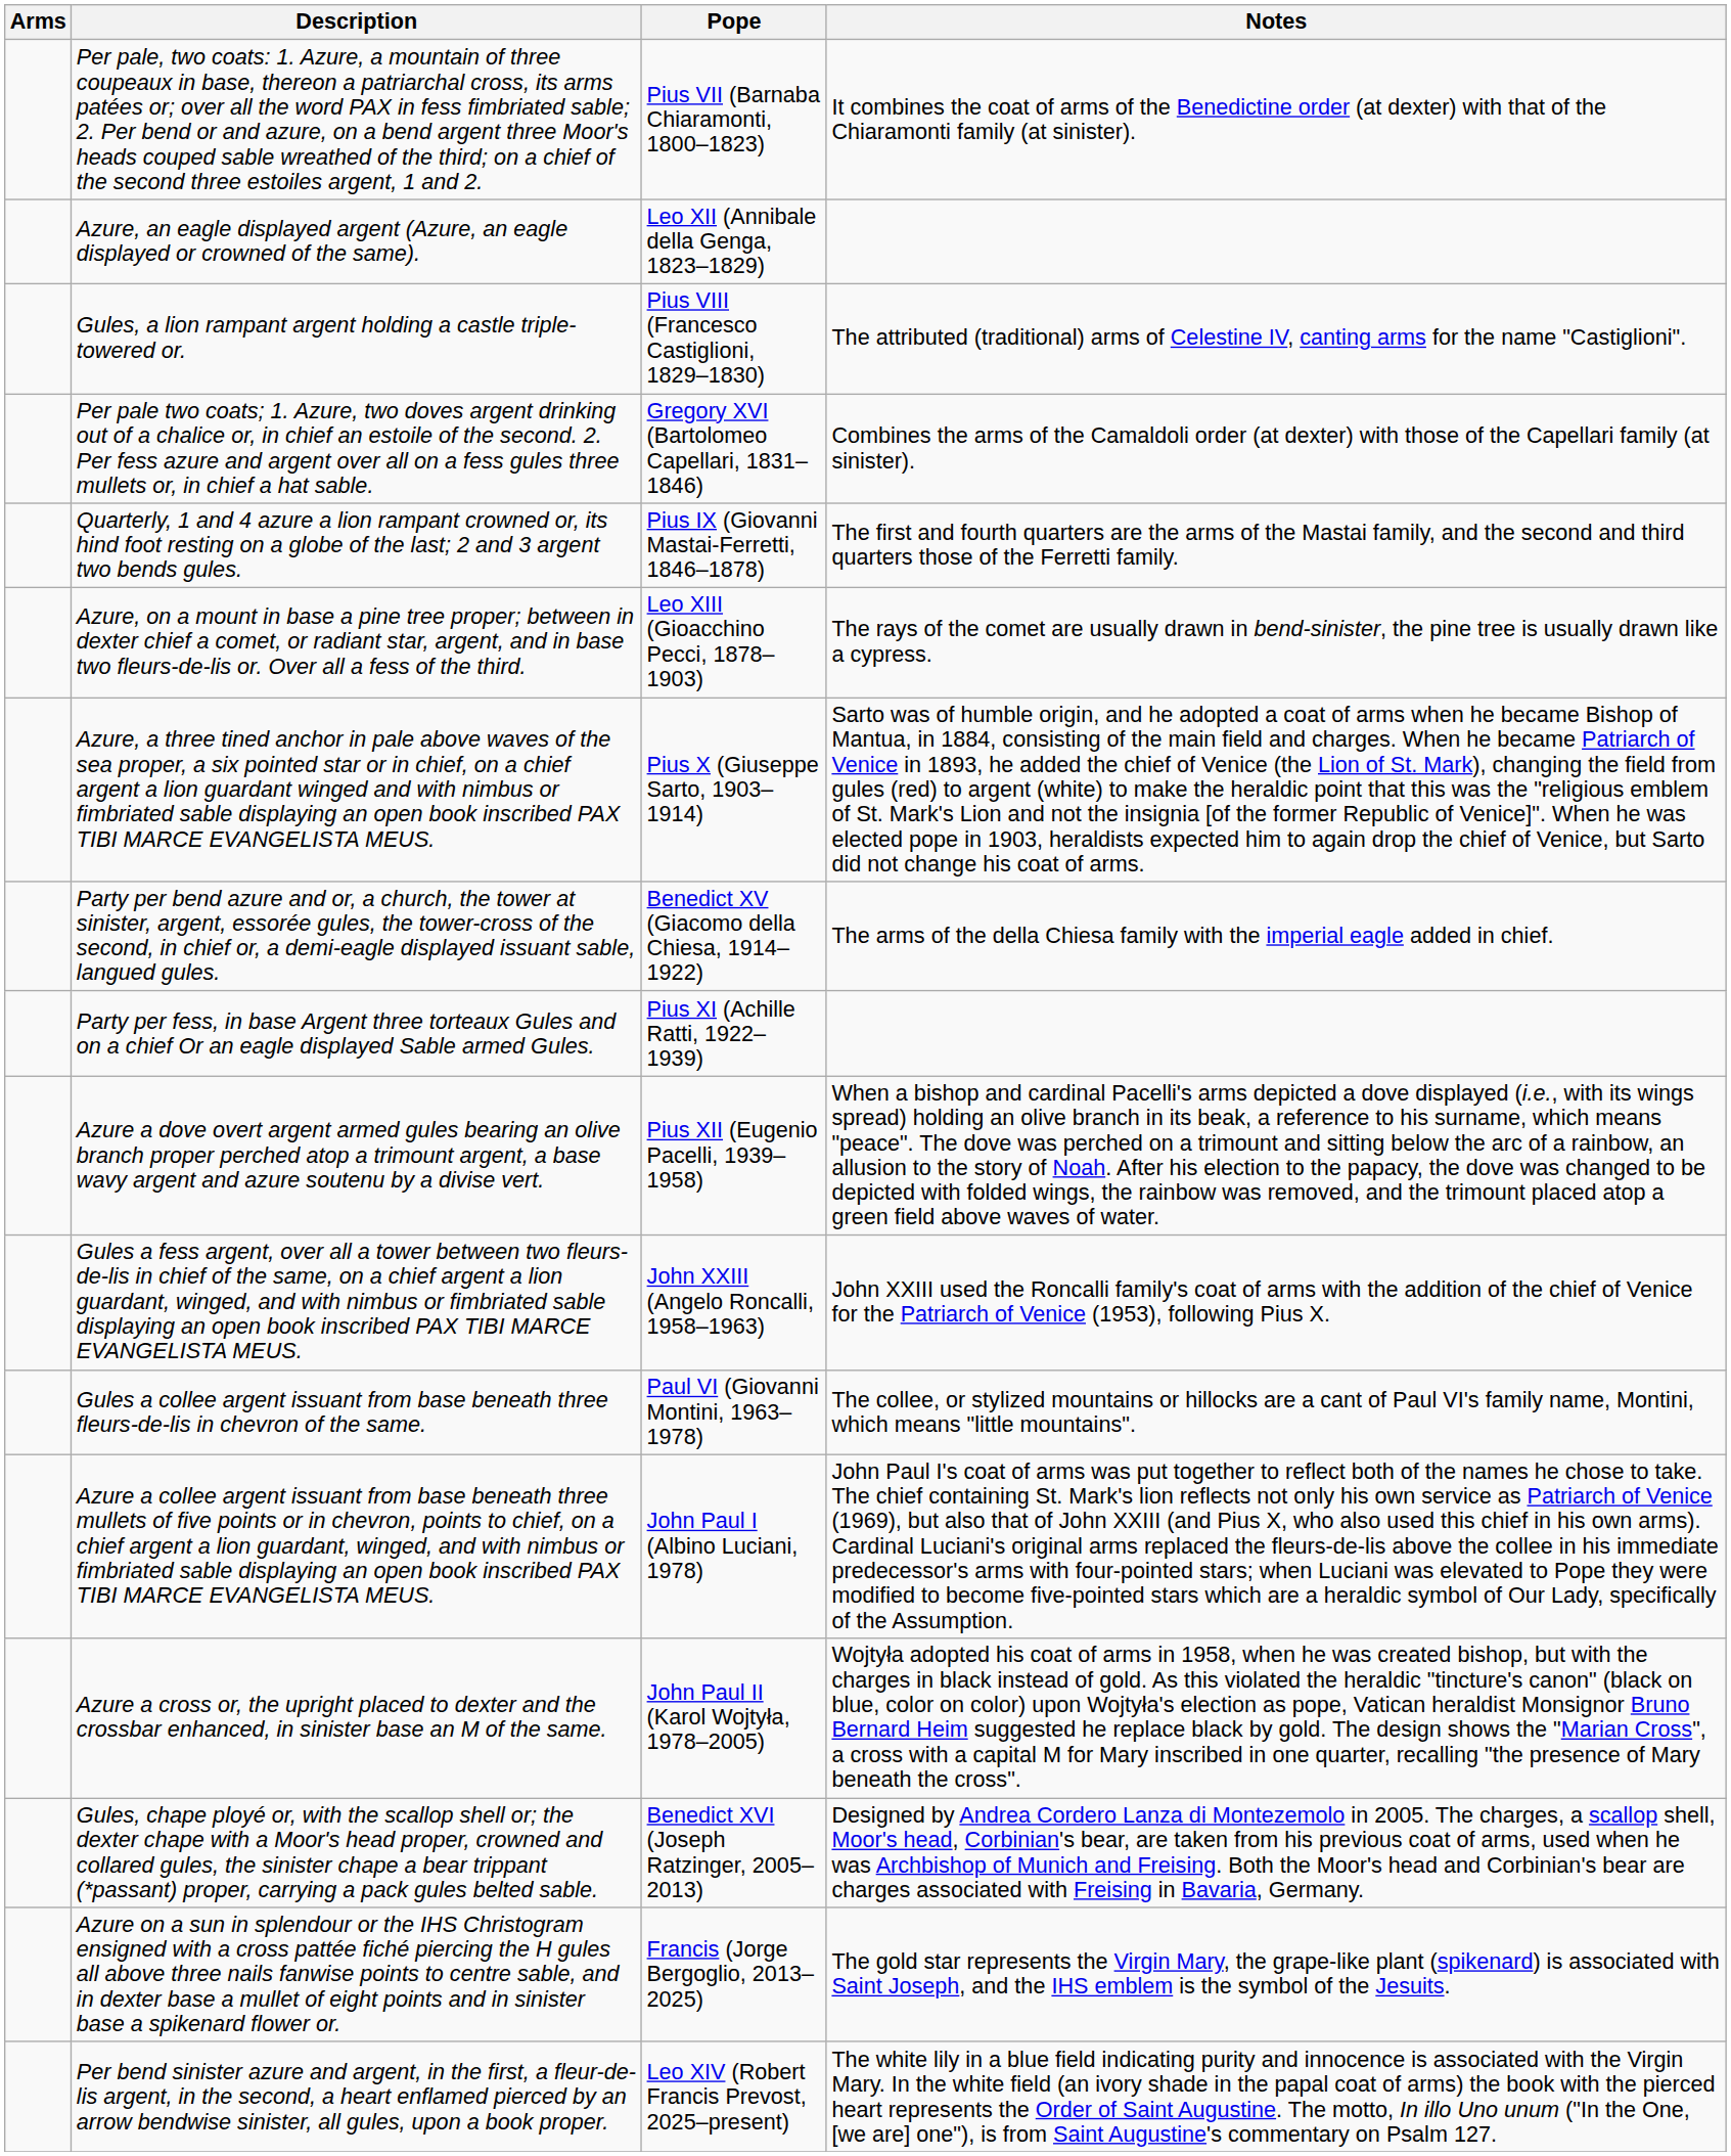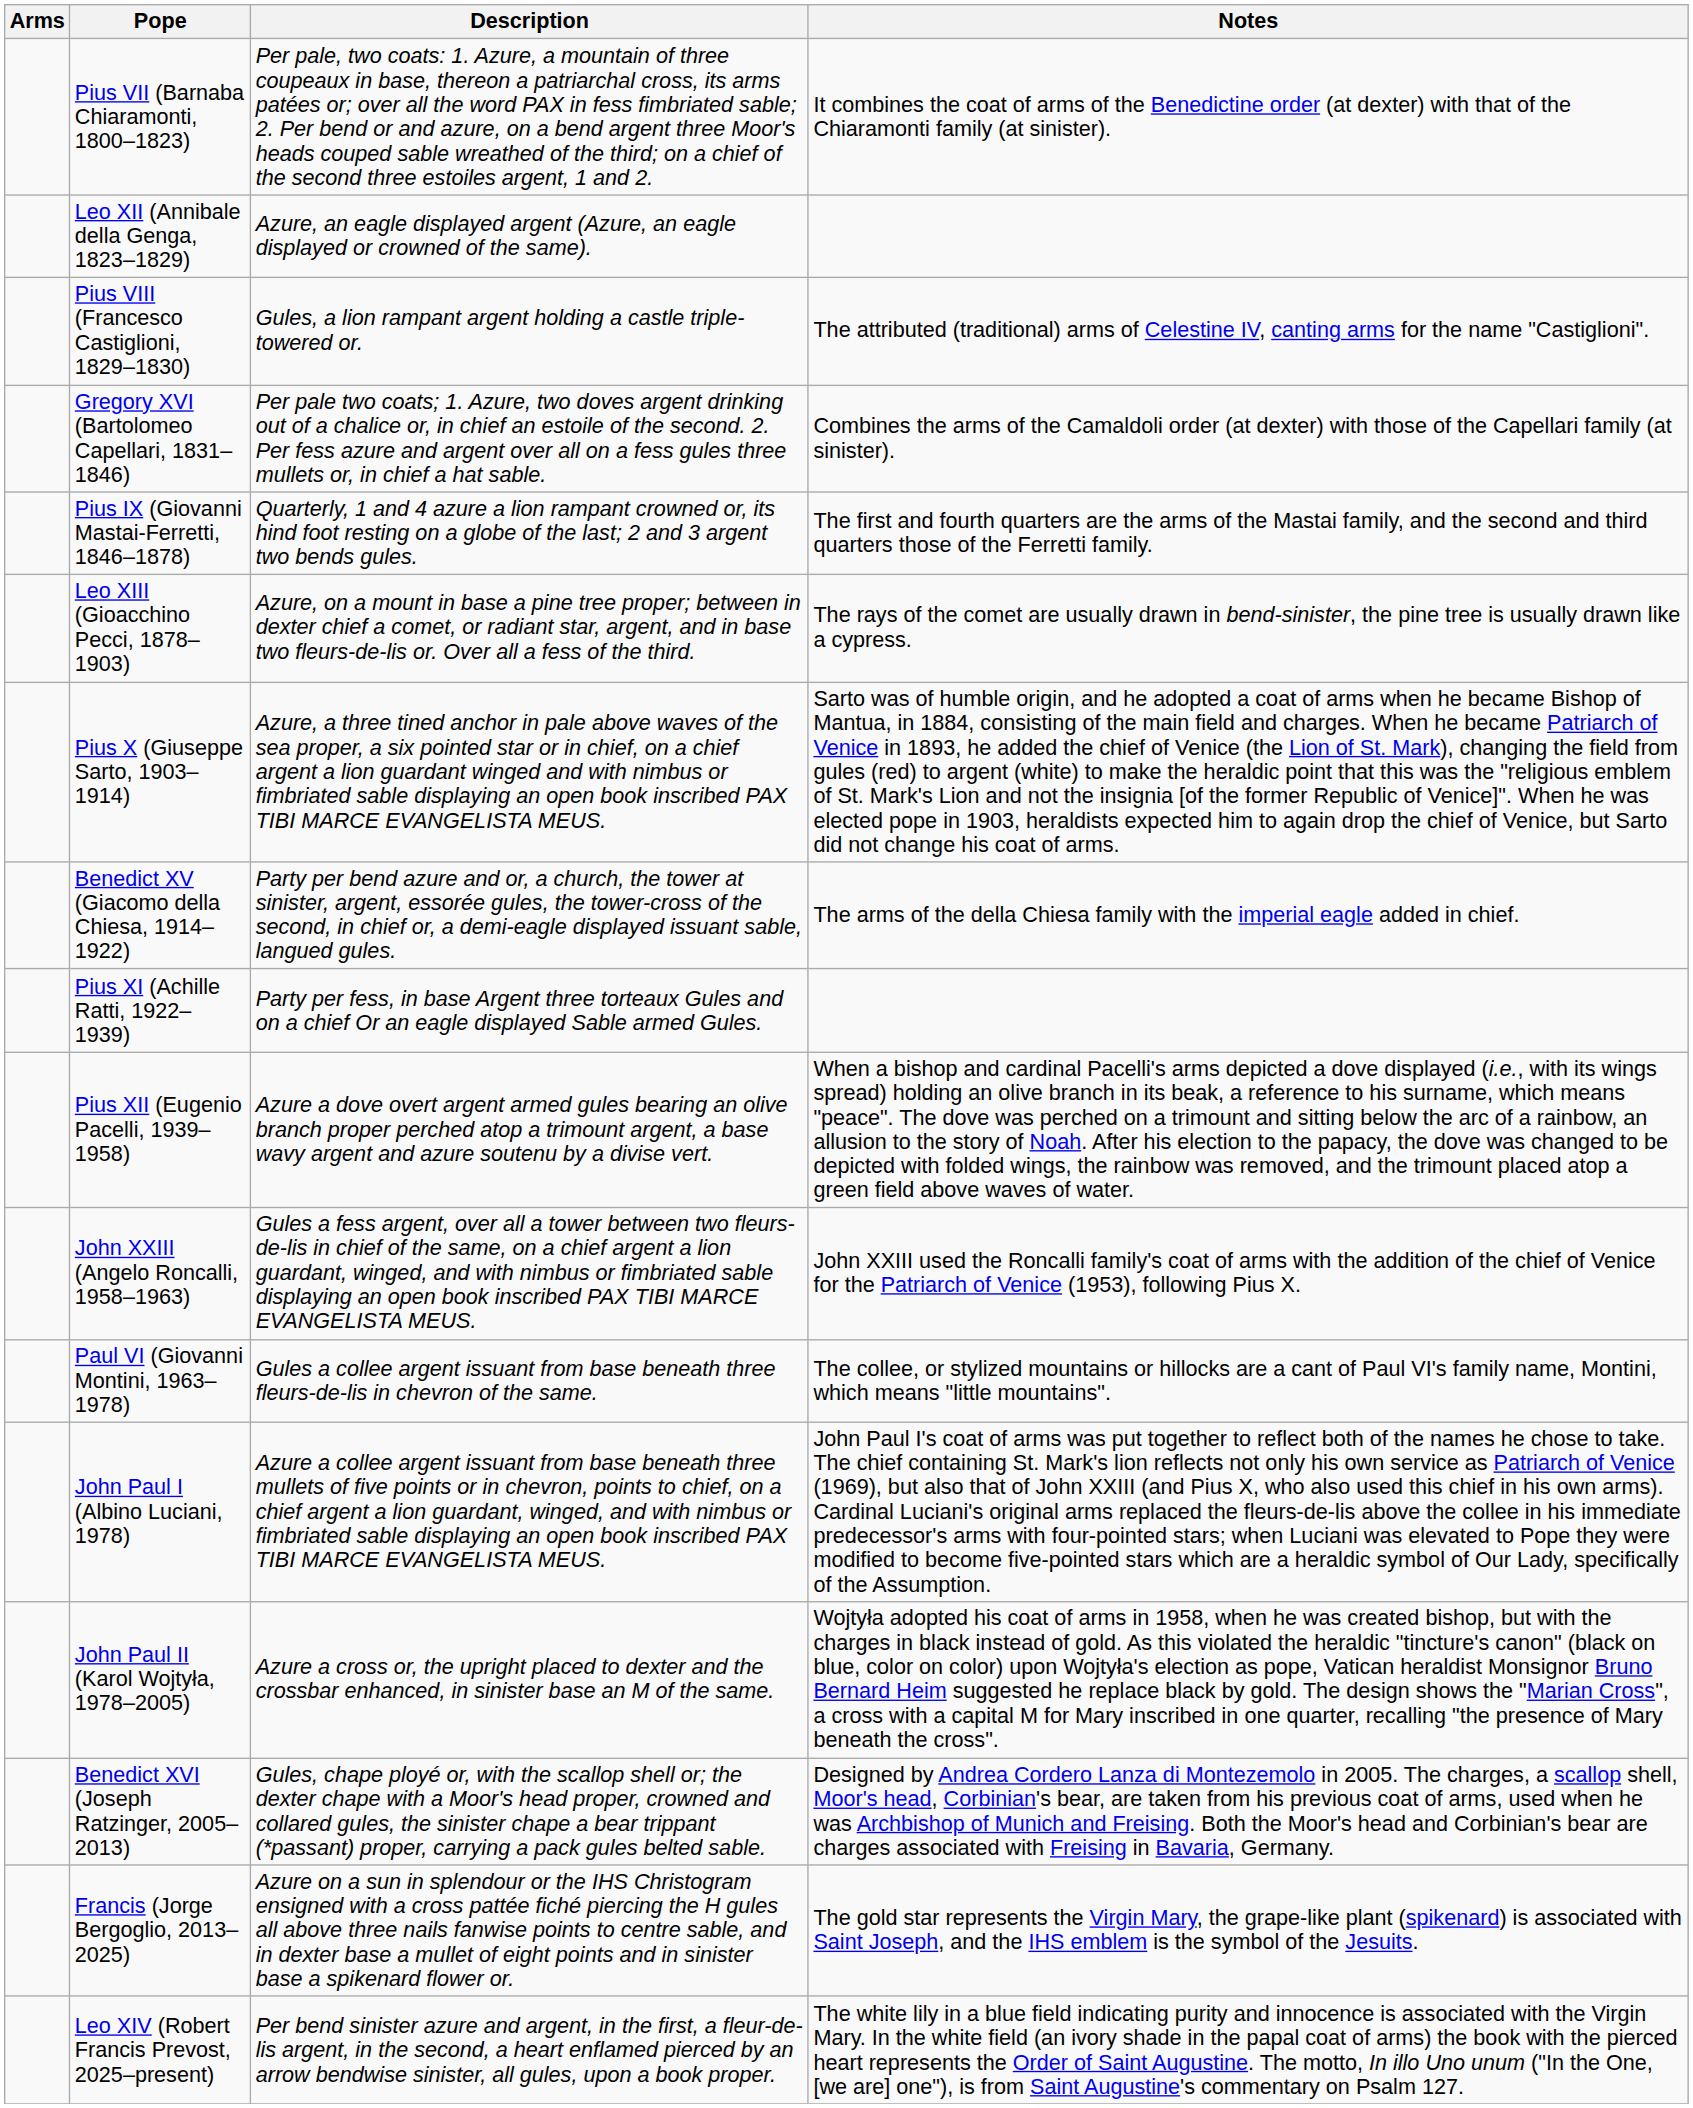 <table class="wikitable">
 <tr>
 <th>Arms</th>
+<th>Pope</th>
 <th>Description</th>
-<th>Pope</th>
 <th>Notes</th>
 </tr>
 <tr>
 <td></td>
+<td><a href='#'>Pius VII</a> (Barnaba Chiaramonti, 1800–1823)</td>
 <td><em>Per pale, two coats: 1. Azure, a mountain of three coupeaux in base, thereon a patriarchal cross, its arms patées or; over all the word PAX in fess fimbriated sable; 2. Per bend or and azure, on a bend argent three Moor's heads couped sable wreathed of the third; on a chief of the second three estoiles argent, 1 and 2.</em></td>
-<td><a href='#'>Pius VII</a> (Barnaba Chiaramonti, 1800–1823)</td>
 <td>It combines the coat of arms of the <a href='#'>Benedictine order</a> (at dexter) with that of the Chiaramonti family (at sinister).</td>
 </tr>
 <tr>
 <td></td>
+<td><a href='#'>Leo XII</a> (Annibale della Genga, 1823–1829)</td>
 <td><em> Azure, an eagle displayed argent (Azure, an eagle displayed or crowned of the same).</em></td>
-<td><a href='#'>Leo XII</a> (Annibale della Genga, 1823–1829)</td>
 <td></td>
 </tr>
 <tr>
 <td></td>
+<td><a href='#'>Pius VIII</a> (Francesco Castiglioni, 1829–1830)</td>
 <td><em>Gules, a lion rampant argent holding a castle triple-towered or.</em></td>
-<td><a href='#'>Pius VIII</a> (Francesco Castiglioni, 1829–1830)</td>
 <td>The attributed (traditional) arms of <a href='#'>Celestine IV</a>, <a href='#'>canting arms</a> for the name "Castiglioni".</td>
 </tr>
 <tr>
 <td></td>
+<td><a href='#'>Gregory XVI</a> (Bartolomeo Capellari, 1831–1846)</td>
 <td><em>Per pale two coats; 1. Azure, two doves argent drinking out of a chalice or, in chief an estoile of the second. 2. Per fess azure and argent over all on a fess gules three mullets or, in chief a hat sable.</em></td>
-<td><a href='#'>Gregory XVI</a> (Bartolomeo Capellari, 1831–1846)</td>
 <td>Combines the arms of the Camaldoli order (at dexter) with those of the Capellari family (at sinister).</td>
 </tr>
 <tr>
 <td></td>
+<td><a href='#'>Pius IX</a> (Giovanni Mastai-Ferretti, 1846–1878)</td>
 <td><em>Quarterly, 1 and 4 azure a lion rampant crowned or, its hind foot resting on a globe of the last; 2 and 3 argent two bends gules.</em></td>
-<td><a href='#'>Pius IX</a> (Giovanni Mastai-Ferretti, 1846–1878)</td>
 <td>The first and fourth quarters are the arms of the Mastai family, and the second and third quarters those of the Ferretti family.</td>
 </tr>
 <tr>
 <td></td>
+<td><a href='#'>Leo XIII</a> (Gioacchino Pecci, 1878–1903)</td>
 <td><em>Azure, on a mount in base a pine tree proper; between in dexter chief a comet, or radiant star, argent, and in base two fleurs-de-lis or. Over all a fess of the third.</em></td>
-<td><a href='#'>Leo XIII</a> (Gioacchino Pecci, 1878–1903)</td>
 <td>The rays of the comet are usually drawn in <em>bend-sinister</em>, the pine tree is usually drawn like a cypress.</td>
 </tr>
 <tr>
 <td></td>
+<td><a href='#'>Pius X</a> (Giuseppe Sarto, 1903–1914)</td>
 <td><em>Azure, a three tined anchor in pale above waves of the sea proper, a six pointed star or in chief, on a chief argent a lion guardant winged and with nimbus or fimbriated sable displaying an open book inscribed PAX TIBI MARCE EVANGELISTA MEUS.</em></td>
-<td><a href='#'>Pius X</a> (Giuseppe Sarto, 1903–1914)</td>
 <td>Sarto was of humble origin, and he adopted a coat of arms when he became Bishop of Mantua, in 1884, consisting of the main field and charges. When he became <a href='#'>Patriarch of Venice</a> in 1893, he added the chief of Venice (the <a href='#'>Lion of St. Mark</a>), changing the field from gules (red) to argent (white) to make the heraldic point that this was the "religious emblem of St. Mark's Lion and not the insignia [of the former Republic of Venice]". When he was elected pope in 1903, heraldists expected him to again drop the chief of Venice, but Sarto did not change his coat of arms.</td>
 </tr>
 <tr>
 <td></td>
+<td><a href='#'>Benedict XV</a> (Giacomo della Chiesa, 1914–1922)</td>
 <td><em>Party per bend azure and or, a church, the tower at sinister, argent, essorée gules, the tower-cross of the second, in chief or, a demi-eagle displayed issuant sable, langued gules.</em></td>
-<td><a href='#'>Benedict XV</a> (Giacomo della Chiesa, 1914–1922)</td>
 <td>The arms of the della Chiesa family with the <a href='#'>imperial eagle</a> added in chief.</td>
 </tr>
 <tr>
 <td></td>
+<td><a href='#'>Pius XI</a> (Achille Ratti, 1922–1939)</td>
 <td><em>Party per fess, in base Argent three torteaux Gules and on a chief Or an eagle displayed Sable armed Gules.</em></td>
-<td><a href='#'>Pius XI</a> (Achille Ratti, 1922–1939)</td>
 <td></td>
 </tr>
 <tr>
 <td></td>
+<td><a href='#'>Pius XII</a> (Eugenio Pacelli, 1939–1958)</td>
 <td><em>Azure a dove overt argent armed gules bearing an olive branch proper perched atop a trimount argent, a base wavy argent and azure soutenu by a divise vert.</em></td>
-<td><a href='#'>Pius XII</a> (Eugenio Pacelli, 1939–1958)</td>
 <td>When a bishop and cardinal Pacelli's arms depicted a dove displayed (<em>i.e.</em>, with its wings spread) holding an olive branch in its beak, a reference to his surname, which means "peace". The dove was perched on a trimount and sitting below the arc of a rainbow, an allusion to the story of <a href='#'>Noah</a>. After his election to the papacy, the dove was changed to be depicted with folded wings, the rainbow was removed, and the trimount placed atop a green field above waves of water.</td>
 </tr>
 <tr>
 <td></td>
+<td><a href='#'>John XXIII</a> (Angelo Roncalli, 1958–1963)</td>
 <td><em>Gules a fess argent, over all a tower between two fleurs-de-lis in chief of the same, on a chief argent a lion guardant, winged, and with nimbus or fimbriated sable displaying an open book inscribed PAX TIBI MARCE EVANGELISTA MEUS.</em></td>
-<td><a href='#'>John XXIII</a> (Angelo Roncalli, 1958–1963)</td>
 <td>John XXIII used the Roncalli family's coat of arms with the addition of the chief of Venice for the <a href='#'>Patriarch of Venice</a> (1953), following Pius X.</td>
 </tr>
 <tr>
 <td></td>
+<td><a href='#'>Paul VI</a> (Giovanni Montini, 1963–1978)</td>
 <td><em>Gules a collee argent issuant from base beneath three fleurs-de-lis in chevron of the same.</em></td>
-<td><a href='#'>Paul VI</a> (Giovanni Montini, 1963–1978)</td>
 <td>The collee, or stylized mountains or hillocks are a cant of Paul VI's family name, Montini, which means "little mountains".</td>
 </tr>
 <tr>
 <td></td>
+<td><a href='#'>John Paul I</a> (Albino Luciani, 1978)</td>
 <td><em>Azure a collee argent issuant from base beneath three mullets of five points or in chevron, points to chief, on a chief argent a lion guardant, winged, and with nimbus or fimbriated sable displaying an open book inscribed PAX TIBI MARCE EVANGELISTA MEUS.</em></td>
-<td><a href='#'>John Paul I</a> (Albino Luciani, 1978)</td>
 <td>John Paul I's coat of arms was put together to reflect both of the names he chose to take. The chief containing St. Mark's lion reflects not only his own service as <a href='#'>Patriarch of Venice</a> (1969), but also that of John XXIII (and Pius X, who also used this chief in his own arms). Cardinal Luciani's original arms replaced the fleurs-de-lis above the collee in his immediate predecessor's arms with four-pointed stars; when Luciani was elevated to Pope they were modified to become five-pointed stars which are a heraldic symbol of Our Lady, specifically of the Assumption.</td>
 </tr>
 <tr>
 <td></td>
+<td><a href='#'>John Paul II</a> (Karol Wojtyła, 1978–2005)</td>
 <td><em>Azure a cross or, the upright placed to dexter and the crossbar enhanced, in sinister base an M of the same.</em></td>
-<td><a href='#'>John Paul II</a> (Karol Wojtyła, 1978–2005)</td>
 <td>Wojtyła adopted his coat of arms in 1958, when he was created bishop, but with the charges in black instead of gold. As this violated the heraldic "tincture's canon" (black on blue, color on color) upon Wojtyła's election as pope, Vatican heraldist Monsignor <a href='#'>Bruno Bernard Heim</a> suggested he replace black by gold. The design shows the "<a href='#'>Marian Cross</a>", a cross with a capital M for Mary inscribed in one quarter, recalling "the presence of Mary beneath the cross".</td>
 </tr>
 <tr>
 <td></td>
+<td><a href='#'>Benedict XVI</a> (Joseph Ratzinger, 2005–2013)</td>
 <td><em>Gules, chape ployé or, with the scallop shell or; the dexter chape with a Moor's head proper, crowned and collared gules, the sinister chape a bear trippant (*passant) proper, carrying a pack gules belted sable.</em></td>
-<td><a href='#'>Benedict XVI</a> (Joseph Ratzinger, 2005–2013)</td>
 <td>Designed by <a href='#'>Andrea Cordero Lanza di Montezemolo</a> in 2005. The charges, a <a href='#'>scallop</a> shell, <a href='#'>Moor's head</a>, <a href='#'>Corbinian</a>'s bear, are taken from his previous coat of arms, used when he was <a href='#'>Archbishop of Munich and Freising</a>. Both the Moor's head and Corbinian's bear are charges associated with <a href='#'>Freising</a> in <a href='#'>Bavaria</a>, Germany.</td>
 </tr>
 <tr>
 <td></td>
+<td><a href='#'>Francis</a> (Jorge Bergoglio, 2013–2025)</td>
 <td><em>Azure on a sun in splendour or the IHS Christogram ensigned with a cross pattée fiché piercing the H gules all above three nails fanwise points to centre sable, and in dexter base a mullet of eight points and in sinister base a spikenard flower or.</em></td>
-<td><a href='#'>Francis</a> (Jorge Bergoglio, 2013–2025)</td>
 <td>The gold star represents the <a href='#'>Virgin Mary</a>, the grape-like plant (<a href='#'>spikenard</a>) is associated with <a href='#'>Saint Joseph</a>, and the <a href='#'>IHS emblem</a> is the symbol of the <a href='#'>Jesuits</a>.</td>
 </tr>
 <tr>
 <td></td>
+<td><a href='#'>Leo XIV</a> (Robert Francis Prevost, 2025–present)</td>
 <td><em>Per bend sinister azure and argent, in the first, a fleur-de-lis argent, in the second, a heart enflamed pierced by an arrow bendwise sinister, all gules, upon a book proper.</em></td>
-<td><a href='#'>Leo XIV</a> (Robert Francis Prevost, 2025–present)</td>
 <td>The white lily in a blue field indicating purity and innocence is associated with the Virgin Mary. In the white field (an ivory shade in the papal coat of arms) the book with the pierced heart represents the <a href='#'>Order of Saint Augustine</a>. The motto, <em>In illo Uno unum</em> ("In the One, [we are] one"), is from <a href='#'>Saint Augustine</a>'s commentary on Psalm 127.</td>
 </tr>
 </table>
